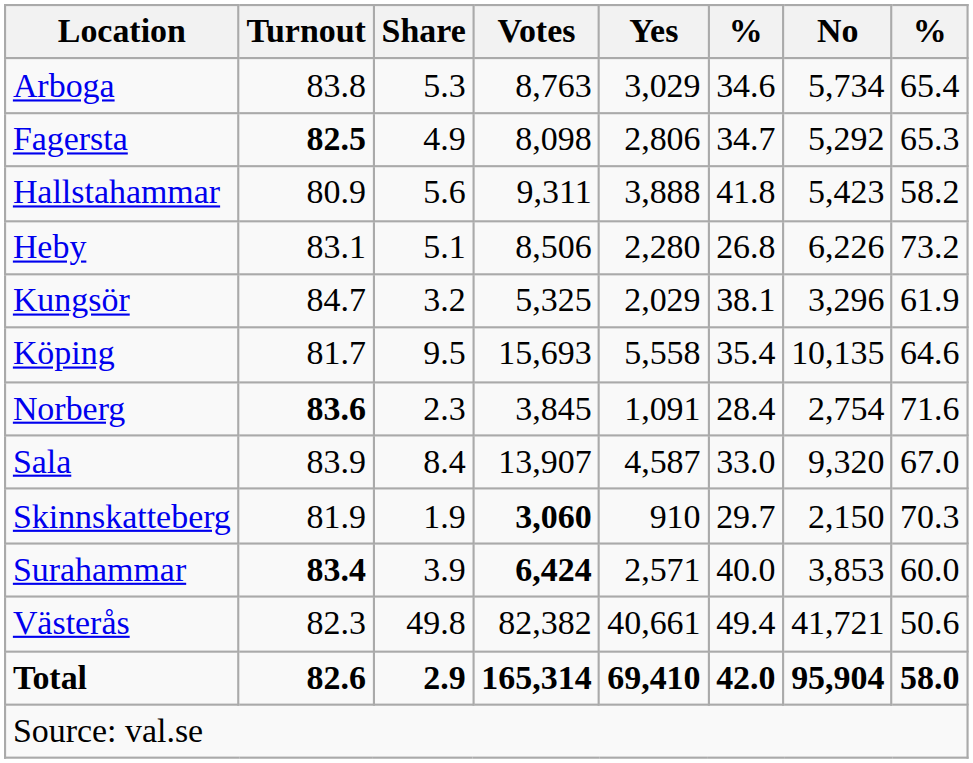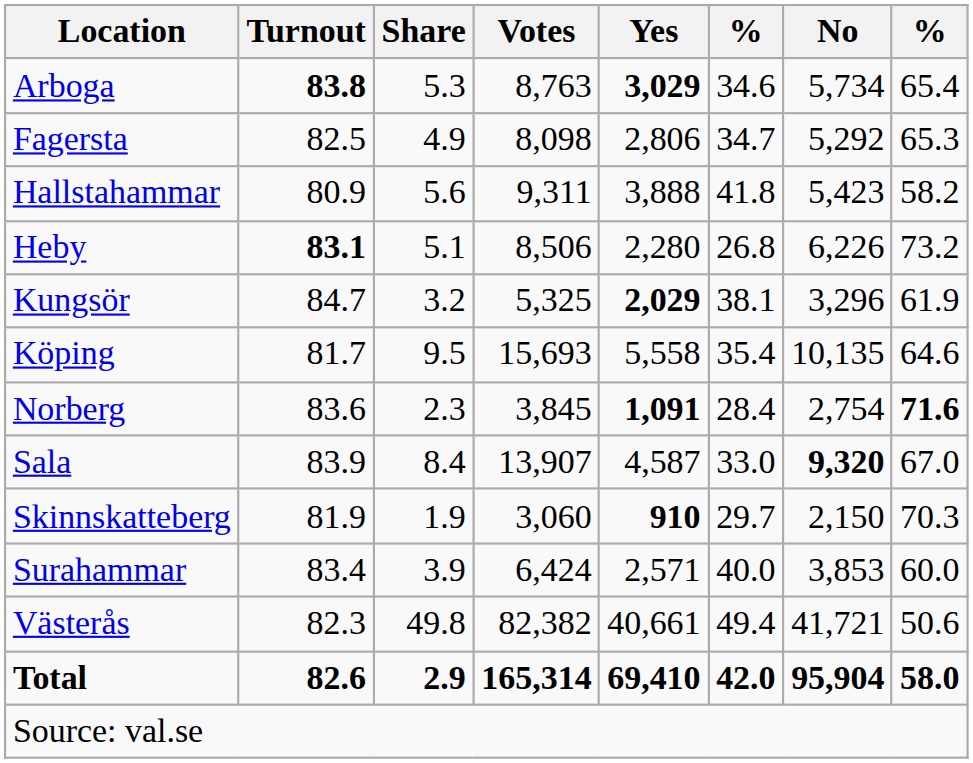 <table class="wikitable sortable" style=text-align:right>
 <tr>
 <th>Location</th>
 <th>Turnout</th>
 <th>Share</th>
 <th>Votes</th>
 <th>Yes</th>
 <th>%</th>
 <th>No</th>
 <th>%</th>
 </tr>
 <tr>
 <td align=left><a href='#'>Arboga</a></td>
-<td>83.8</td>
+<td><strong>83.8</strong></td>
 <td>5.3</td>
 <td>8,763</td>
-<td>3,029</td>
+<td><strong>3,029</strong></td>
 <td>34.6</td>
 <td>5,734</td>
 <td>65.4</td>
 </tr>
 <tr>
 <td align=left><a href='#'>Fagersta</a></td>
-<td><strong>82.5</strong></td>
+<td>82.5</td>
 <td>4.9</td>
 <td>8,098</td>
 <td>2,806</td>
 <td>34.7</td>
 <td>5,292</td>
 <td>65.3</td>
 </tr>
 <tr>
 <td align=left><a href='#'>Hallstahammar</a></td>
 <td>80.9</td>
 <td>5.6</td>
 <td>9,311</td>
 <td>3,888</td>
 <td>41.8</td>
 <td>5,423</td>
 <td>58.2</td>
 </tr>
 <tr>
 <td align=left><a href='#'>Heby</a></td>
-<td>83.1</td>
+<td><strong>83.1</strong></td>
 <td>5.1</td>
 <td>8,506</td>
 <td>2,280</td>
 <td>26.8</td>
 <td>6,226</td>
 <td>73.2</td>
 </tr>
 <tr>
 <td align=left><a href='#'>Kungsör</a></td>
 <td>84.7</td>
 <td>3.2</td>
 <td>5,325</td>
-<td>2,029</td>
+<td><strong>2,029</strong></td>
 <td>38.1</td>
 <td>3,296</td>
 <td>61.9</td>
 </tr>
 <tr>
 <td align=left><a href='#'>Köping</a></td>
 <td>81.7</td>
 <td>9.5</td>
 <td>15,693</td>
 <td>5,558</td>
 <td>35.4</td>
 <td>10,135</td>
 <td>64.6</td>
 </tr>
 <tr>
 <td align=left><a href='#'>Norberg</a></td>
-<td><strong>83.6</strong></td>
+<td>83.6</td>
 <td>2.3</td>
 <td>3,845</td>
-<td>1,091</td>
+<td><strong>1,091</strong></td>
 <td>28.4</td>
 <td>2,754</td>
-<td>71.6</td>
+<td><strong>71.6</strong></td>
 </tr>
 <tr>
 <td align=left><a href='#'>Sala</a></td>
 <td>83.9</td>
 <td>8.4</td>
 <td>13,907</td>
 <td>4,587</td>
 <td>33.0</td>
-<td>9,320</td>
+<td><strong>9,320</strong></td>
 <td>67.0</td>
 </tr>
 <tr>
 <td align=left><a href='#'>Skinnskatteberg</a></td>
 <td>81.9</td>
 <td>1.9</td>
-<td><strong>3,060</strong></td>
-<td>910</td>
+<td>3,060</td>
+<td><strong>910</strong></td>
 <td>29.7</td>
 <td>2,150</td>
 <td>70.3</td>
 </tr>
 <tr>
 <td align=left><a href='#'>Surahammar</a></td>
-<td><strong>83.4</strong></td>
+<td>83.4</td>
 <td>3.9</td>
-<td><strong>6,424</strong></td>
+<td>6,424</td>
 <td>2,571</td>
 <td>40.0</td>
 <td>3,853</td>
 <td>60.0</td>
 </tr>
 <tr>
 <td align=left><a href='#'>Västerås</a></td>
 <td>82.3</td>
 <td>49.8</td>
 <td>82,382</td>
 <td>40,661</td>
 <td>49.4</td>
 <td>41,721</td>
 <td>50.6</td>
 </tr>
 <tr>
 <td align=left><strong>Total</strong></td>
 <td><strong>82.6</strong></td>
 <td><strong>2.9</strong></td>
 <td><strong>165,314</strong></td>
 <td><strong>69,410</strong></td>
 <td><strong>42.0</strong></td>
 <td><strong>95,904</strong></td>
 <td><strong>58.0</strong></td>
 </tr>
 <tr>
 <td align=left colspan=8>Source: val.se </td>
 </tr>
 </table>
